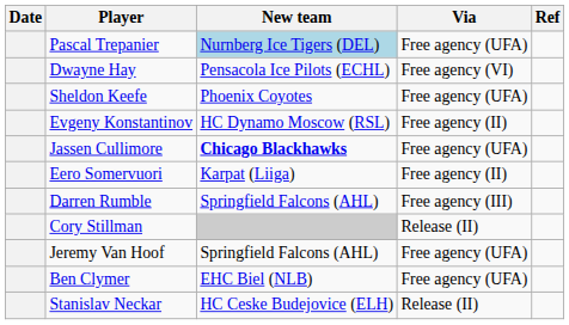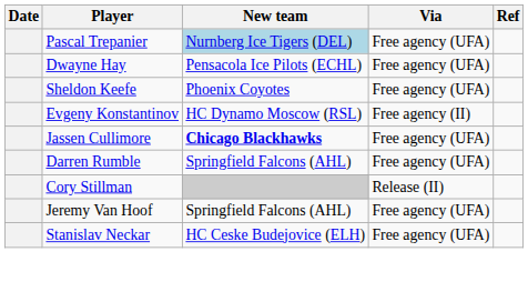 <table class="wikitable plainrowheaders">
 <tr style="background:#ddd; text-align:center;">
 <th>Date</th>
 <th>Player</th>
 <th>New team</th>
 <th>Via</th>
 <th>Ref</th>
 </tr>
 <tr>
 <th scope="row"></th>
 <td><a href='#'>Pascal Trepanier</a></td>
 <td style="background: lightblue;"><a href='#'>Nurnberg Ice Tigers</a> (<a href='#'>DEL</a>)</td>
 <td>Free agency (UFA)</td>
 <td></td>
 </tr>
 <tr>
 <th scope="row"></th>
 <td><a href='#'>Dwayne Hay</a></td>
 <td><a href='#'>Pensacola Ice Pilots</a> (<a href='#'>ECHL</a>)</td>
-<td>Free agency (VI)</td>
+<td>Free agency (UFA)</td>
 <td></td>
 </tr>
 <tr>
 <th scope="row"></th>
 <td><a href='#'>Sheldon Keefe</a></td>
 <td><a href='#'>Phoenix Coyotes</a></td>
 <td>Free agency (UFA)</td>
 <td></td>
 </tr>
 <tr>
 <th scope="row"></th>
 <td><a href='#'>Evgeny Konstantinov</a></td>
 <td><a href='#'>HC Dynamo Moscow</a> (<a href='#'>RSL</a>)</td>
 <td>Free agency (II)</td>
 <td></td>
 </tr>
 <tr>
 <th scope="row"></th>
 <td><a href='#'>Jassen Cullimore</a></td>
 <td><strong><a href='#'>Chicago Blackhawks</a></strong></td>
 <td>Free agency (UFA)</td>
 <td></td>
 </tr>
 <tr>
 <th scope="row"></th>
-<td><a href='#'>Eero Somervuori</a></td>
-<td><a href='#'>Karpat</a> (<a href='#'>Liiga</a>)</td>
-<td>Free agency (II)</td>
-<td></td>
-</tr>
-<tr>
-<th scope="row"></th>
 <td><a href='#'>Darren Rumble</a></td>
 <td><a href='#'>Springfield Falcons</a> (<a href='#'>AHL</a>)</td>
-<td>Free agency (III)</td>
+<td>Free agency (UFA)</td>
 <td></td>
 </tr>
 <tr>
 <th scope="row"></th>
 <td><a href='#'>Cory Stillman</a></td>
 <td style="background:#ccc"></td>
 <td>Release (II)</td>
 <td></td>
 </tr>
 <tr>
 <th scope="row"></th>
 <td>Jeremy Van Hoof</td>
 <td>Springfield Falcons (AHL)</td>
 <td>Free agency (UFA)</td>
 <td></td>
 </tr>
 <tr>
 <th scope="row"></th>
-<td><a href='#'>Ben Clymer</a></td>
-<td><a href='#'>EHC Biel</a> (<a href='#'>NLB</a>)</td>
+<td><a href='#'>Stanislav Neckar</a></td>
+<td><a href='#'>HC Ceske Budejovice</a> (<a href='#'>ELH</a>)</td>
 <td>Free agency (UFA)</td>
 <td></td>
 </tr>
-<tr>
-<th scope="row"></th>
-<td><a href='#'>Stanislav Neckar</a></td>
-<td><a href='#'>HC Ceske Budejovice</a> (<a href='#'>ELH</a>)</td>
-<td>Release (II)</td>
-<td></td>
-</tr>
 </table>
